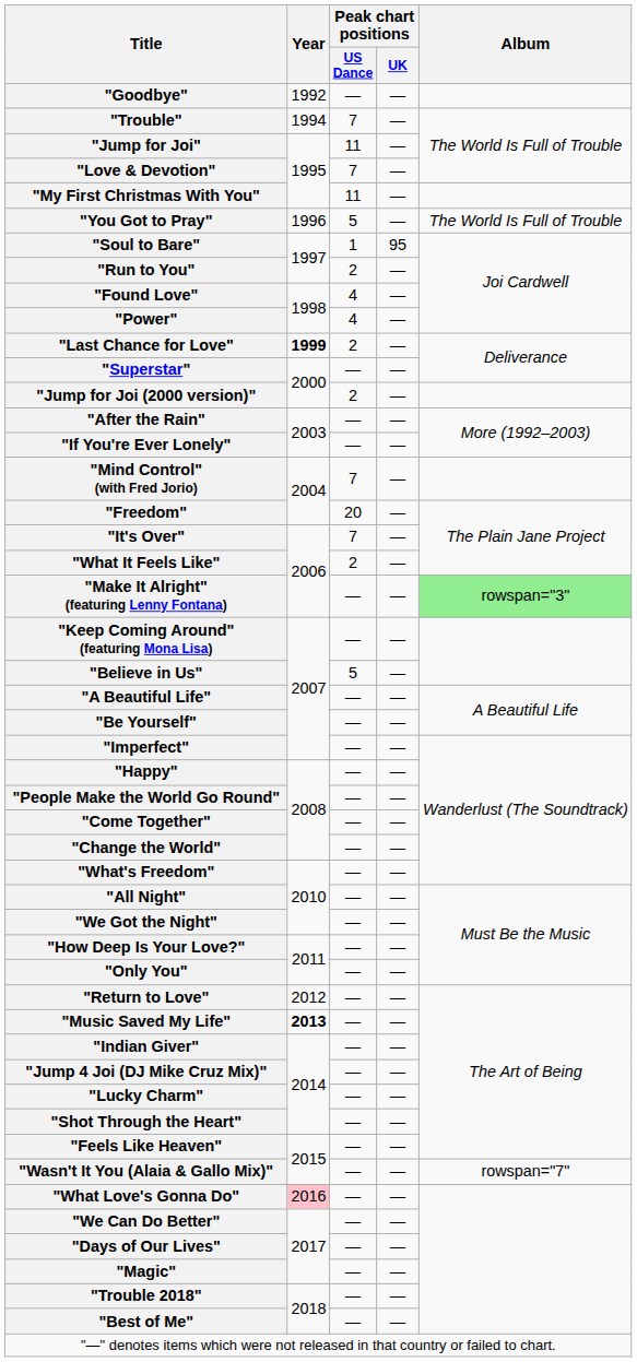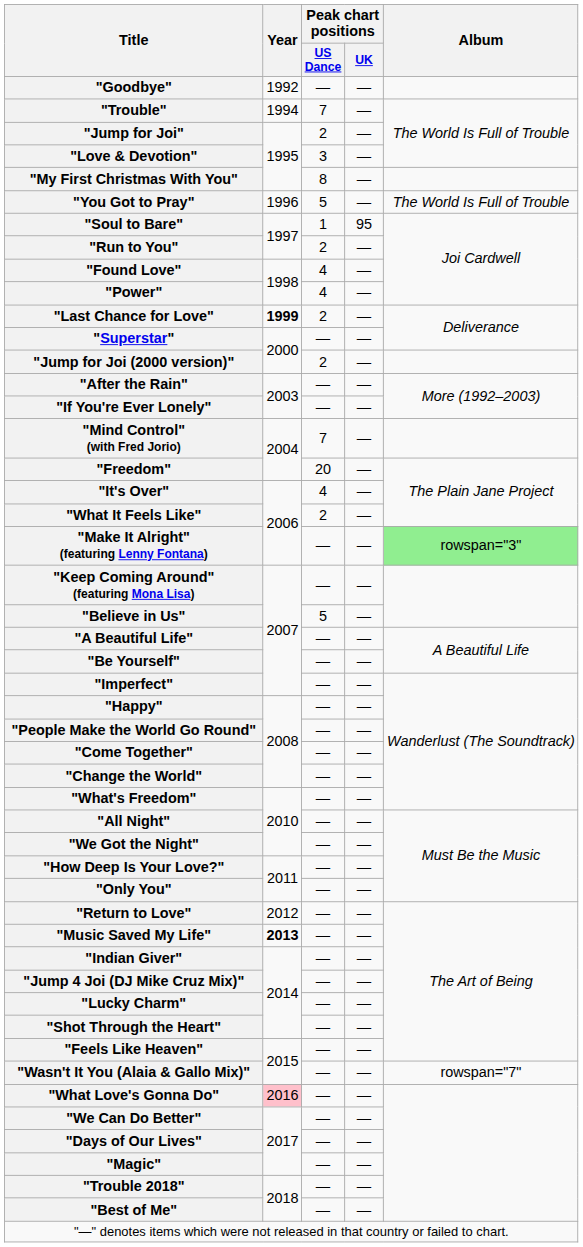 <table class="wikitable plainrowheaders" style="text-align: center;" border="1">
 <tr>
 <th scope="col" rowspan="2" style="width:17.5em;">Title</th>
 <th scope="col" rowspan="2" style="width:1em;">Year</th>
 <th scope="col" colspan="2">Peak chart positions</th>
 <th scope="col" rowspan="2">Album</th>
 </tr>
 <tr>
 <th scope="col" style="width:2.75em;font-size:85%;"><a href='#'>US<br>Dance</a> <br></th>
 <th scope="col" style="width:2.75em;font-size:85%;"><a href='#'>UK</a> <br></th>
 </tr>
 <tr>
 <th scope="row">"Goodbye"</th>
 <td>1992</td>
 <td>—</td>
 <td>—</td>
 <td></td>
 </tr>
 <tr>
 <th scope="row">"Trouble"</th>
 <td>1994</td>
 <td>7</td>
 <td>—</td>
 <td rowspan="3"><em>The World Is Full of Trouble</em></td>
 </tr>
 <tr>
 <th scope="row">"Jump for Joi"</th>
 <td rowspan="3">1995</td>
-<td>11</td>
+<td>2</td>
 <td>—</td>
 </tr>
 <tr>
 <th scope="row">"Love & Devotion"</th>
-<td>7</td>
+<td>3</td>
 <td>—</td>
 </tr>
 <tr>
 <th scope="row">"My First Christmas With You"</th>
-<td>11</td>
+<td>8</td>
 <td>—</td>
 <td></td>
 </tr>
 <tr>
 <th scope="row">"You Got to Pray"</th>
 <td>1996</td>
 <td>5</td>
 <td>—</td>
 <td><em>The World Is Full of Trouble</em></td>
 </tr>
 <tr>
 <th scope="row">"Soul to Bare"</th>
 <td rowspan="2">1997</td>
 <td>1</td>
 <td>95</td>
 <td rowspan="4"><em>Joi Cardwell</em></td>
 </tr>
 <tr>
 <th scope="row">"Run to You"</th>
 <td>2</td>
 <td>—</td>
 </tr>
 <tr>
 <th scope="row">"Found Love"</th>
 <td rowspan="2">1998</td>
 <td>4</td>
 <td>—</td>
 </tr>
 <tr>
 <th scope="row">"Power"</th>
 <td>4</td>
 <td>—</td>
 </tr>
 <tr>
 <th scope="row">"Last Chance for Love"</th>
 <td><strong>1999</strong></td>
 <td>2</td>
 <td>—</td>
 <td rowspan="2"><em>Deliverance</em></td>
 </tr>
 <tr>
 <th scope="row">"<a href='#'>Superstar</a>"</th>
 <td rowspan="2">2000</td>
 <td>—</td>
 <td>—</td>
 </tr>
 <tr>
 <th scope="row">"Jump for Joi (2000 version)"</th>
 <td>2</td>
 <td>—</td>
 <td></td>
 </tr>
 <tr>
 <th scope="row">"After the Rain"</th>
 <td rowspan="2">2003</td>
 <td>—</td>
 <td>—</td>
 <td rowspan="2"><em>More (1992–2003)</em></td>
 </tr>
 <tr>
 <th scope="row">"If You're Ever Lonely"</th>
 <td>—</td>
 <td>—</td>
 </tr>
 <tr>
 <th scope="row">"Mind Control"<br> <small>(with Fred Jorio)</small></th>
 <td rowspan="2">2004</td>
 <td>7</td>
 <td>—</td>
 <td></td>
 </tr>
 <tr>
 <th scope="row">"Freedom"</th>
 <td>20</td>
 <td>—</td>
 <td rowspan="3"><em>The Plain Jane Project</em></td>
 </tr>
 <tr>
 <th scope="row">"It's Over"</th>
 <td rowspan="3">2006</td>
-<td>7</td>
+<td>4</td>
 <td>—</td>
 </tr>
 <tr>
 <th scope="row">"What It Feels Like"</th>
 <td>2</td>
 <td>—</td>
 </tr>
 <tr>
 <th scope="row">"Make It Alright"<br> <small>(featuring <a href='#'>Lenny Fontana</a>)</small></th>
 <td>—</td>
 <td>—</td>
 <td style="background: lightgreen;">rowspan="3" </td>
 </tr>
 <tr>
 <th scope="row">"Keep Coming Around"<br> <small>(featuring <a href='#'>Mona Lisa</a>)</small></th>
 <td rowspan="5">2007</td>
 <td>—</td>
 <td>—</td>
 </tr>
 <tr>
 <th scope="row">"Believe in Us"</th>
 <td>5</td>
 <td>—</td>
 </tr>
 <tr>
 <th scope="row">"A Beautiful Life"</th>
 <td>—</td>
 <td>—</td>
 <td rowspan="2"><em>A Beautiful Life</em></td>
 </tr>
 <tr>
 <th scope="row">"Be Yourself"</th>
 <td>—</td>
 <td>—</td>
 </tr>
 <tr>
 <th scope="row">"Imperfect"</th>
 <td>—</td>
 <td>—</td>
 <td rowspan="6"><em>Wanderlust (The Soundtrack)</em></td>
 </tr>
 <tr>
 <th scope="row">"Happy"</th>
 <td rowspan="4">2008</td>
 <td>—</td>
 <td>—</td>
 </tr>
 <tr>
 <th scope="row">"People Make the World Go Round"</th>
 <td>—</td>
 <td>—</td>
 </tr>
 <tr>
 <th scope="row">"Come Together"</th>
 <td>—</td>
 <td>—</td>
 </tr>
 <tr>
 <th scope="row">"Change the World"</th>
 <td>—</td>
 <td>—</td>
 </tr>
 <tr>
 <th scope="row">"What's Freedom"</th>
 <td rowspan="3">2010</td>
 <td>—</td>
 <td>—</td>
 </tr>
 <tr>
 <th scope="row">"All Night"</th>
 <td>—</td>
 <td>—</td>
 <td rowspan="4"><em>Must Be the Music</em></td>
 </tr>
 <tr>
 <th scope="row">"We Got the Night"</th>
 <td>—</td>
 <td>—</td>
 </tr>
 <tr>
 <th scope="row">"How Deep Is Your Love?"</th>
 <td rowspan="2">2011</td>
 <td>—</td>
 <td>—</td>
 </tr>
 <tr>
 <th scope="row">"Only You"</th>
 <td>—</td>
 <td>—</td>
 </tr>
 <tr>
 <th scope="row">"Return to Love"</th>
 <td>2012</td>
 <td>—</td>
 <td>—</td>
 <td rowspan="7"><em>The Art of Being</em></td>
 </tr>
 <tr>
 <th scope="row">"Music Saved My Life"</th>
 <td><strong>2013</strong></td>
 <td>—</td>
 <td>—</td>
 </tr>
 <tr>
 <th scope="row">"Indian Giver"</th>
 <td rowspan="4">2014</td>
 <td>—</td>
 <td>—</td>
 </tr>
 <tr>
 <th scope="row">"Jump 4 Joi (DJ Mike Cruz Mix)"</th>
 <td>—</td>
 <td>—</td>
 </tr>
 <tr>
 <th scope="row">"Lucky Charm"</th>
 <td>—</td>
 <td>—</td>
 </tr>
 <tr>
 <th scope="row">"Shot Through the Heart"</th>
 <td>—</td>
 <td>—</td>
 </tr>
 <tr>
 <th scope="row">"Feels Like Heaven"</th>
 <td rowspan="2">2015</td>
 <td>—</td>
 <td>—</td>
 </tr>
 <tr>
 <th scope="row">"Wasn't It You (Alaia & Gallo Mix)"</th>
 <td>—</td>
 <td>—</td>
 <td>rowspan="7" </td>
 </tr>
 <tr>
 <th scope="row">"What Love's Gonna Do"</th>
 <td style="background: pink;">2016</td>
 <td>—</td>
 <td>—</td>
 </tr>
 <tr>
 <th scope="row">"We Can Do Better"</th>
 <td rowspan="3">2017</td>
 <td>—</td>
 <td>—</td>
 </tr>
 <tr>
 <th scope="row">"Days of Our Lives"</th>
 <td>—</td>
 <td>—</td>
 </tr>
 <tr>
 <th scope="row">"Magic"</th>
 <td>—</td>
 <td>—</td>
 </tr>
 <tr>
 <th scope="row">"Trouble 2018"</th>
 <td rowspan="2">2018</td>
 <td>—</td>
 <td>—</td>
 </tr>
 <tr>
 <th scope="row">"Best of Me"</th>
 <td>—</td>
 <td>—</td>
 </tr>
 <tr>
 <td colspan="5" align="center" style="font-size:90%;">"—" denotes items which were not released in that country or failed to chart.</td>
 </tr>
 </table>
